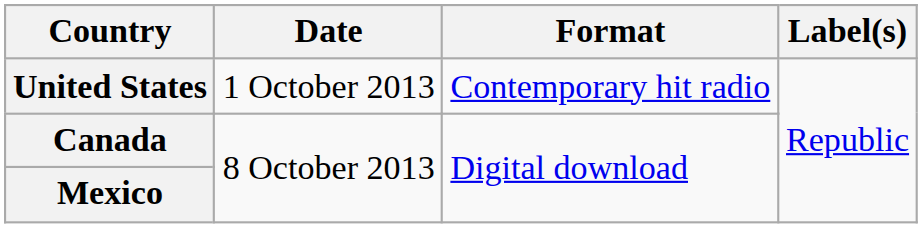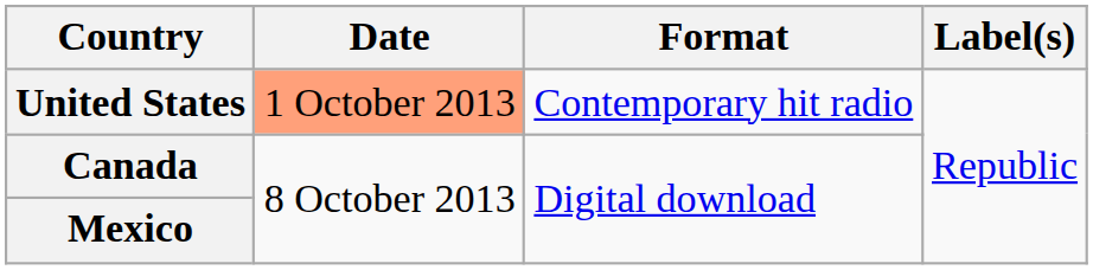 <table class="wikitable plainrowheaders">
 <tr>
 <th scope="col">Country</th>
 <th scope="col">Date</th>
 <th scope="col">Format</th>
 <th scope="col">Label(s)</th>
 </tr>
 <tr>
 <th scope="row" rowspan="2">United States</th>
-<td>1 October 2013</td>
+<td style="background: lightsalmon;">1 October 2013</td>
 <td><a href='#'>Contemporary hit radio</a></td>
 <td rowspan="4"><a href='#'>Republic</a></td>
 </tr>
 <tr>
 <td rowspan="3">8 October 2013</td>
 <td rowspan="3"><a href='#'>Digital download</a></td>
 </tr>
 <tr>
 <th scope="row">Canada</th>
 </tr>
 <tr>
 <th scope="row">Mexico</th>
 </tr>
 </table>
